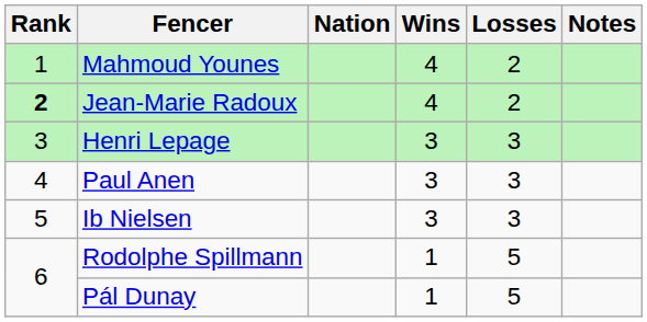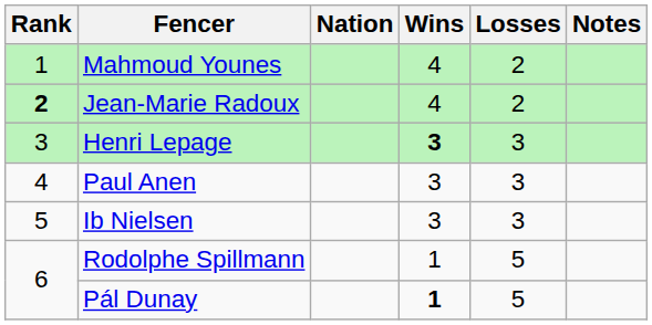 <table class="wikitable sortable" style="text-align: center;">
 <tr>
 <th>Rank</th>
 <th>Fencer</th>
 <th>Nation</th>
 <th>Wins</th>
 <th>Losses</th>
 <th>Notes</th>
 </tr>
 <tr style="background:#bbf3bb;">
 <td>1</td>
 <td align=left><a href='#'>Mahmoud Younes</a></td>
 <td align=left></td>
 <td>4</td>
 <td>2</td>
 <td></td>
 </tr>
 <tr style="background:#bbf3bb;">
 <td><strong>2</strong></td>
 <td align=left><a href='#'>Jean-Marie Radoux</a></td>
 <td align=left></td>
 <td>4</td>
 <td>2</td>
 <td></td>
 </tr>
 <tr style="background:#bbf3bb;">
 <td>3</td>
 <td align=left><a href='#'>Henri Lepage</a></td>
 <td align=left></td>
-<td>3</td>
+<td><strong>3</strong></td>
 <td>3</td>
 <td></td>
 </tr>
 <tr>
 <td>4</td>
 <td align=left><a href='#'>Paul Anen</a></td>
 <td align=left></td>
 <td>3</td>
 <td>3</td>
 <td></td>
 </tr>
 <tr>
 <td>5</td>
 <td align=left><a href='#'>Ib Nielsen</a></td>
 <td align=left></td>
 <td>3</td>
 <td>3</td>
 <td></td>
 </tr>
 <tr>
 <td rowspan=2>6</td>
 <td align=left><a href='#'>Rodolphe Spillmann</a></td>
 <td align=left></td>
 <td>1</td>
 <td>5</td>
 <td></td>
 </tr>
 <tr>
 <td align=left><a href='#'>Pál Dunay</a></td>
 <td align=left></td>
-<td>1</td>
+<td><strong>1</strong></td>
 <td>5</td>
 <td></td>
 </tr>
 </table>
